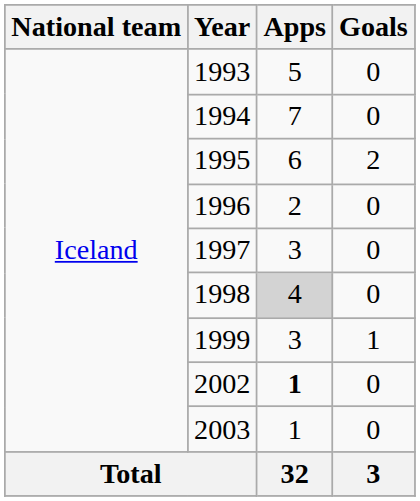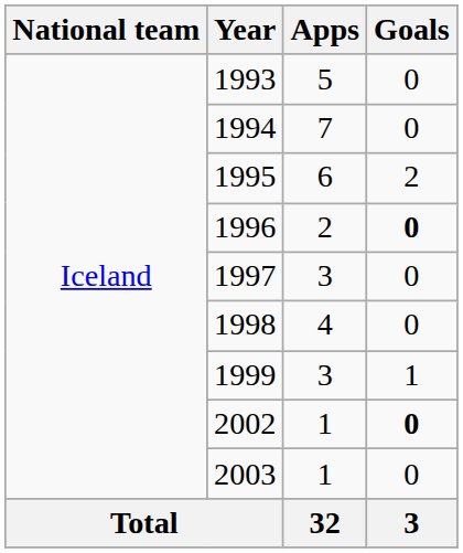 <table class=wikitable style="text-align: center">
 <tr>
 <th>National team</th>
 <th>Year</th>
 <th>Apps</th>
 <th>Goals</th>
 </tr>
 <tr>
 <td rowspan=9><a href='#'>Iceland</a></td>
 <td>1993</td>
 <td>5</td>
 <td>0</td>
 </tr>
 <tr>
 <td>1994</td>
 <td>7</td>
 <td>0</td>
 </tr>
 <tr>
 <td>1995</td>
 <td>6</td>
 <td>2</td>
 </tr>
 <tr>
 <td>1996</td>
 <td>2</td>
-<td>0</td>
+<td><strong>0</strong></td>
 </tr>
 <tr>
 <td>1997</td>
 <td>3</td>
 <td>0</td>
 </tr>
 <tr>
 <td>1998</td>
-<td style="background: lightgrey;">4</td>
+<td>4</td>
 <td>0</td>
 </tr>
 <tr>
 <td>1999</td>
 <td>3</td>
 <td>1</td>
 </tr>
 <tr>
 <td>2002</td>
-<td><strong>1</strong></td>
-<td>0</td>
+<td>1</td>
+<td><strong>0</strong></td>
 </tr>
 <tr>
 <td>2003</td>
 <td>1</td>
 <td>0</td>
 </tr>
 <tr>
 <th colspan="2">Total</th>
 <th>32</th>
 <th>3</th>
 </tr>
 </table>
